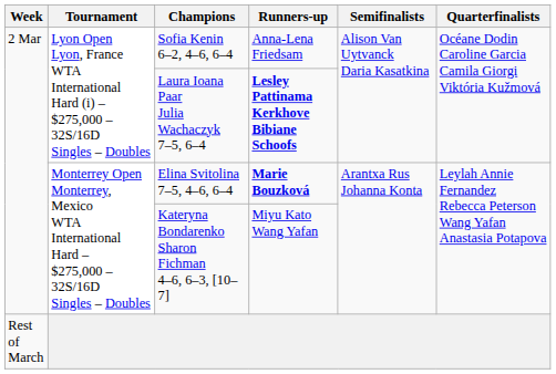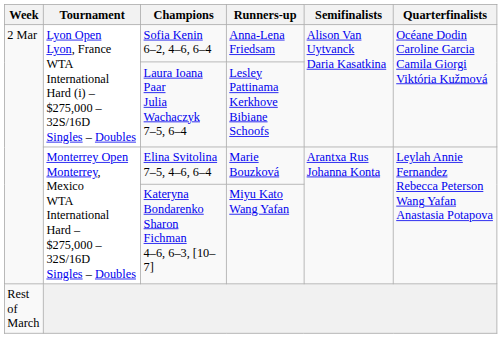 <table class=wikitable style=font-size:95%>
 <tr>
 <th style="width:48px;">Week</th>
 <th style="width:248px;">Tournament</th>
 <th style="width:200px;">Champions</th>
 <th style="width:200px;">Runners-up</th>
 <th style="width:190px;">Semifinalists</th>
 <th style="width:190px;">Quarterfinalists</th>
 </tr>
 <tr valign=top>
 <td rowspan=4>2 Mar</td>
 <td style="background:#fff;" rowspan="2"><a href='#'>Lyon Open</a><br> <a href='#'>Lyon</a>, France<br>WTA International<br>Hard (i) – $275,000 – 32S/16D<br><a href='#'>Singles</a> – <a href='#'>Doubles</a></td>
 <td> <a href='#'>Sofia Kenin</a> <br> 6–2, 4–6, 6–4</td>
 <td> <a href='#'>Anna-Lena Friedsam</a></td>
 <td rowspan=2> <a href='#'>Alison Van Uytvanck</a> <br>  <a href='#'>Daria Kasatkina</a></td>
 <td rowspan=2> <a href='#'>Océane Dodin</a> <br> <a href='#'>Caroline Garcia</a> <br> <a href='#'>Camila Giorgi</a><br>  <a href='#'>Viktória Kužmová</a></td>
 </tr>
 <tr valign=top>
 <td> <a href='#'>Laura Ioana Paar</a> <br>  <a href='#'>Julia Wachaczyk</a><br> 7–5, 6–4</td>
-<td><strong> <a href='#'>Lesley Pattinama Kerkhove</a> <br>  <a href='#'>Bibiane Schoofs</a></strong></td>
+<td> <a href='#'>Lesley Pattinama Kerkhove</a> <br>  <a href='#'>Bibiane Schoofs</a></td>
 </tr>
 <tr valign=top>
 <td style="background:#fff;" rowspan="2"><a href='#'>Monterrey Open</a><br> <a href='#'>Monterrey</a>, Mexico<br>WTA International<br>Hard – $275,000 – 32S/16D<br><a href='#'>Singles</a> – <a href='#'>Doubles</a></td>
 <td> <a href='#'>Elina Svitolina</a> <br> 7–5, 4–6, 6–4</td>
-<td><strong> <a href='#'>Marie Bouzková</a></strong></td>
+<td> <a href='#'>Marie Bouzková</a></td>
 <td rowspan=2> <a href='#'>Arantxa Rus</a> <br>  <a href='#'>Johanna Konta</a></td>
 <td rowspan=2> <a href='#'>Leylah Annie Fernandez</a> <br> <a href='#'>Rebecca Peterson</a> <br> <a href='#'>Wang Yafan</a> <br>  <a href='#'>Anastasia Potapova</a></td>
 </tr>
 <tr valign=top>
 <td> <a href='#'>Kateryna Bondarenko</a> <br>  <a href='#'>Sharon Fichman</a> <br> 4–6, 6–3, [10–7]</td>
 <td> <a href='#'>Miyu Kato</a> <br>  <a href='#'>Wang Yafan</a></td>
 </tr>
 <tr valign=top>
 <td>Rest of March</td>
 <td colspan=5 align=center bgcolor="f1f1f1"><em></em></td>
 </tr>
 </table>
